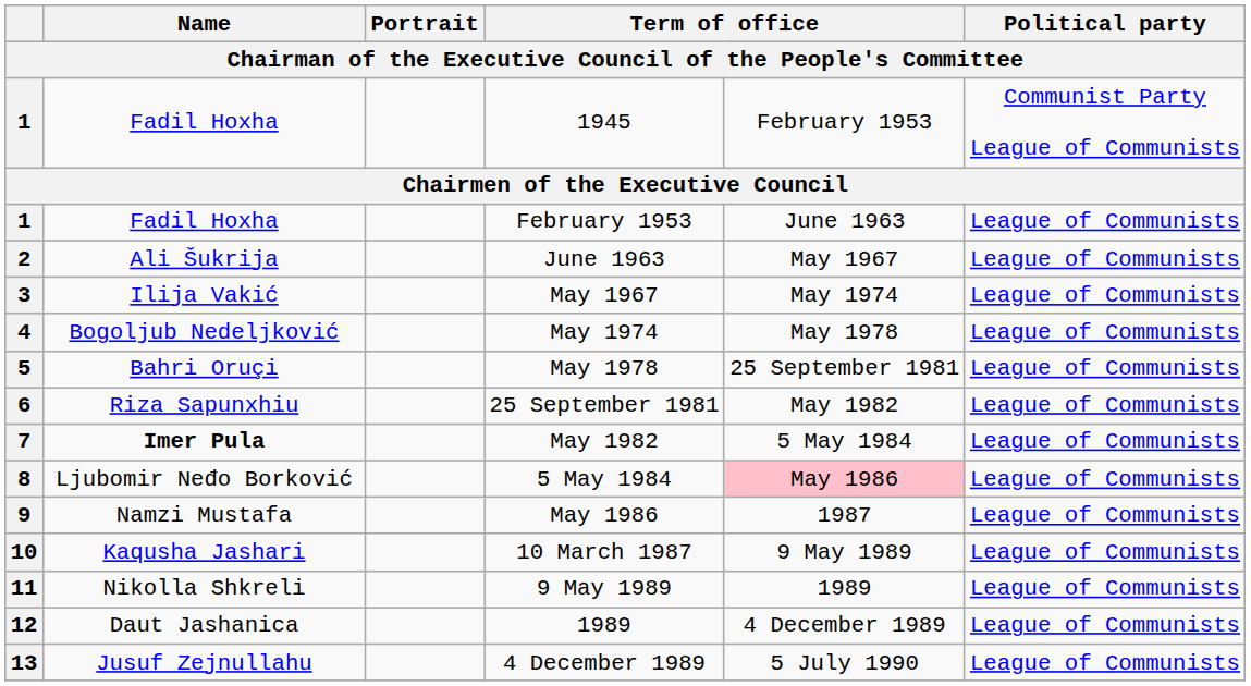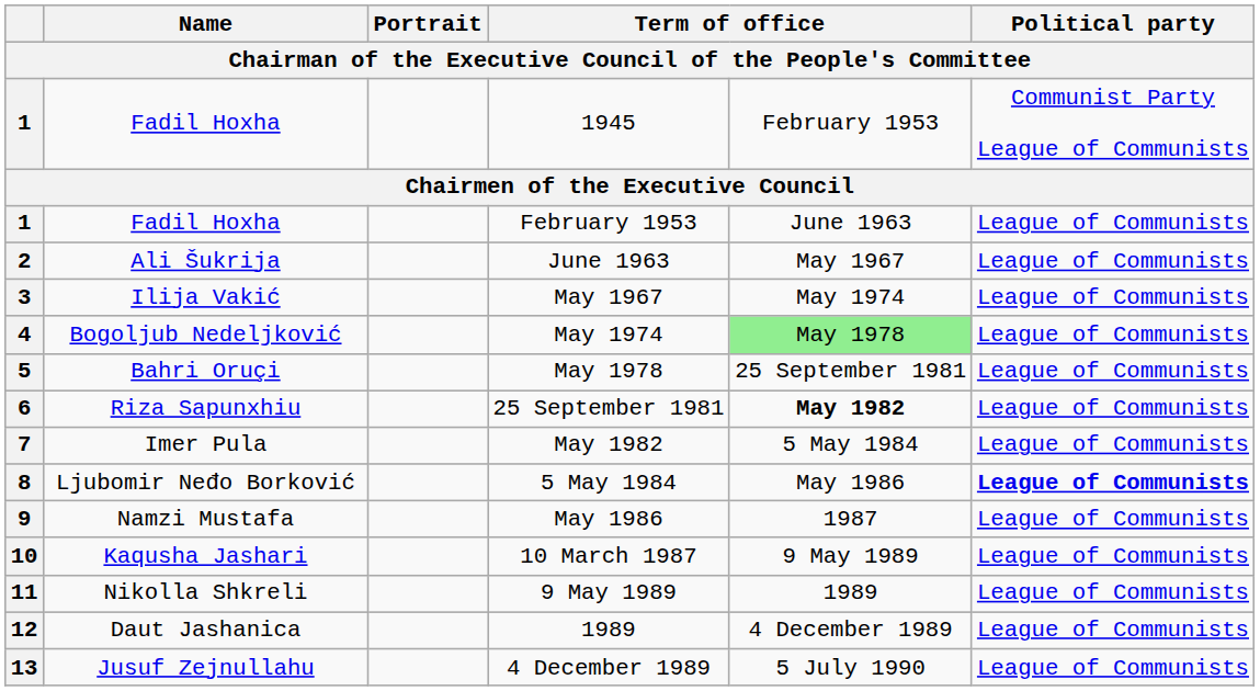 <table class="wikitable" style="text-align:center">
 <tr>
 <th></th>
 <th width=180>Name<br></th>
 <th>Portrait</th>
 <th colspan="2">Term of office</th>
 <th>Political party</th>
 </tr>
 <tr>
 <th colspan="6">Chairman of the Executive Council of the People's Committee<br></th>
 </tr>
 <tr>
 <th style="background:">1</th>
 <td><a href='#'>Fadil Hoxha</a><br></td>
 <td></td>
 <td>1945</td>
 <td>February 1953</td>
 <td><a href='#'>Communist Party<br><br>League of Communists</a></td>
 </tr>
 <tr>
 <th colspan="6">Chairmen of the Executive Council<br></th>
 </tr>
 <tr>
 <th style="background:">1</th>
 <td><a href='#'>Fadil Hoxha</a><br></td>
 <td></td>
 <td>February 1953</td>
 <td>June 1963</td>
 <td><a href='#'>League of Communists</a></td>
 </tr>
 <tr>
 <th style="background:">2</th>
 <td><a href='#'>Ali Šukrija</a><br></td>
 <td></td>
 <td>June 1963</td>
 <td>May 1967</td>
 <td><a href='#'>League of Communists</a></td>
 </tr>
 <tr>
 <th style="background:">3</th>
 <td><a href='#'>Ilija Vakić</a><br></td>
 <td></td>
 <td>May 1967</td>
 <td>May 1974</td>
 <td><a href='#'>League of Communists</a></td>
 </tr>
 <tr>
 <th style="background:">4</th>
 <td><a href='#'>Bogoljub Nedeljković</a><br></td>
 <td></td>
 <td>May 1974</td>
-<td>May 1978</td>
+<td style="background: lightgreen;">May 1978</td>
 <td><a href='#'>League of Communists</a></td>
 </tr>
 <tr>
 <th style="background:">5</th>
 <td><a href='#'>Bahri Oruçi</a><br></td>
 <td></td>
 <td>May 1978</td>
 <td>25 September 1981</td>
 <td><a href='#'>League of Communists</a></td>
 </tr>
 <tr>
 <th style="background:">6</th>
 <td><a href='#'>Riza Sapunxhiu</a><br></td>
 <td></td>
 <td>25 September 1981</td>
-<td>May 1982</td>
+<td><strong>May 1982</strong></td>
 <td><a href='#'>League of Communists</a></td>
 </tr>
 <tr>
 <th style="background:">7</th>
-<td><strong>Imer Pula<br></strong></td>
+<td>Imer Pula<br></td>
 <td></td>
 <td>May 1982</td>
 <td>5 May 1984</td>
 <td><a href='#'>League of Communists</a></td>
 </tr>
 <tr>
 <th style="background:">8</th>
 <td>Ljubomir Neđo Borković<br></td>
 <td></td>
 <td>5 May 1984</td>
-<td style="background: pink;">May 1986</td>
-<td><a href='#'>League of Communists</a></td>
+<td>May 1986</td>
+<td><strong><a href='#'>League of Communists</a></strong></td>
 </tr>
 <tr>
 <th style="background:">9</th>
 <td>Namzi Mustafa<br></td>
 <td></td>
 <td>May 1986</td>
 <td>1987</td>
 <td><a href='#'>League of Communists</a></td>
 </tr>
 <tr>
 <th style="background:">10</th>
 <td><a href='#'>Kaqusha Jashari</a><br></td>
 <td></td>
 <td>10 March 1987</td>
 <td>9 May 1989</td>
 <td><a href='#'>League of Communists</a></td>
 </tr>
 <tr>
 <th style="background:">11</th>
 <td>Nikolla Shkreli<br></td>
 <td></td>
 <td>9 May 1989</td>
 <td>1989</td>
 <td><a href='#'>League of Communists</a></td>
 </tr>
 <tr>
 <th style="background:">12</th>
 <td>Daut Jashanica<br></td>
 <td></td>
 <td>1989</td>
 <td>4 December 1989</td>
 <td><a href='#'>League of Communists</a></td>
 </tr>
 <tr>
 <th style="background:">13</th>
 <td><a href='#'>Jusuf Zejnullahu</a><br></td>
 <td></td>
 <td>4 December 1989</td>
 <td>5 July 1990</td>
 <td><a href='#'>League of Communists</a></td>
 </tr>
 </table>
